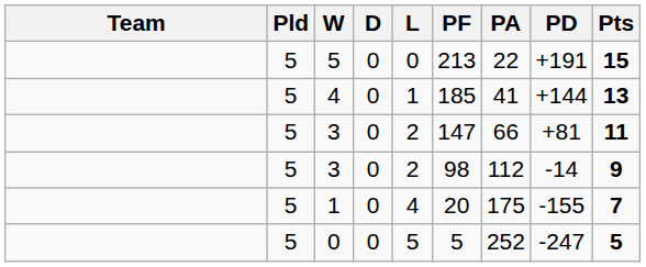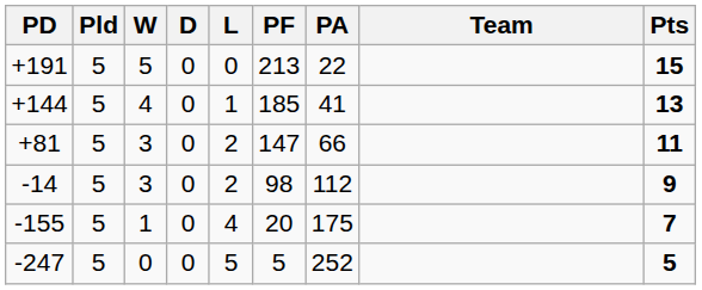 <table class="wikitable" style="text-align:center;">
 <tr>
-<th width=175>Team</th>
+<th width=25 abbr="Points difference">PD</th>
 <th width=20 abbr="Played">Pld</th>
 <th width=20 abbr="Won">W</th>
 <th width=20 abbr="Drawn">D</th>
 <th width=20 abbr="Lost">L</th>
 <th width=20 abbr="Points for">PF</th>
 <th width=20 abbr="Points against">PA</th>
-<th width=25 abbr="Points difference">PD</th>
+<th width=175>Team</th>
 <th width=20 abbr="Points">Pts</th>
 </tr>
 <tr>
-<td align=left></td>
+<td>+191</td>
 <td>5</td>
 <td>5</td>
 <td>0</td>
 <td>0</td>
 <td>213</td>
 <td>22</td>
-<td>+191</td>
+<td align=left></td>
 <td><strong>15</strong></td>
 </tr>
 <tr>
-<td align=left></td>
+<td>+144</td>
 <td>5</td>
 <td>4</td>
 <td>0</td>
 <td>1</td>
 <td>185</td>
 <td>41</td>
-<td>+144</td>
+<td align=left></td>
 <td><strong>13</strong></td>
 </tr>
 <tr>
-<td align=left></td>
+<td>+81</td>
 <td>5</td>
 <td>3</td>
 <td>0</td>
 <td>2</td>
 <td>147</td>
 <td>66</td>
-<td>+81</td>
+<td align=left></td>
 <td><strong>11</strong></td>
 </tr>
 <tr>
-<td align=left></td>
+<td>-14</td>
 <td>5</td>
 <td>3</td>
 <td>0</td>
 <td>2</td>
 <td>98</td>
 <td>112</td>
-<td>-14</td>
+<td align=left></td>
 <td><strong>9</strong></td>
 </tr>
 <tr>
-<td align=left></td>
+<td>-155</td>
 <td>5</td>
 <td>1</td>
 <td>0</td>
 <td>4</td>
 <td>20</td>
 <td>175</td>
-<td>-155</td>
+<td align=left></td>
 <td><strong>7</strong></td>
 </tr>
 <tr>
-<td align=left></td>
+<td>-247</td>
 <td>5</td>
 <td>0</td>
 <td>0</td>
 <td>5</td>
 <td>5</td>
 <td>252</td>
-<td>-247</td>
+<td align=left></td>
 <td><strong>5</strong></td>
 </tr>
 </table>
